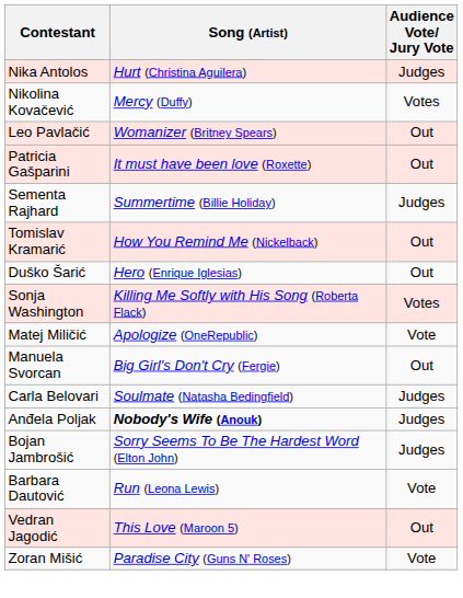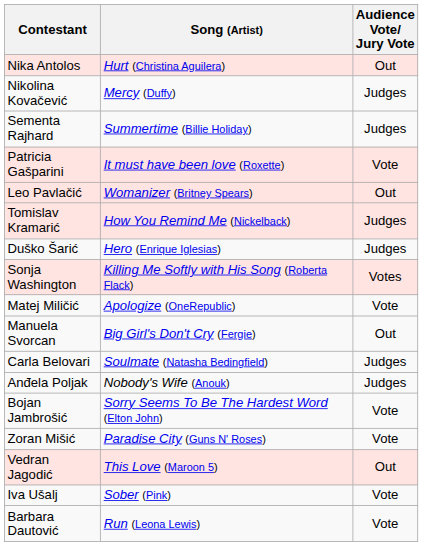 <table class="wikitable">
 <tr>
 <th width="110">Contestant</th>
 <th width="300">Song <small>(Artist)</small></th>
 <th width="28">Audience Vote/<br>Jury Vote</th>
 </tr>
 <tr bgcolor="#FFE4E1">
 <td align="left">Nika Antolos</td>
 <td align="left"><em><a href='#'>Hurt</a></em> <small>(<a href='#'>Christina Aguilera</a>)</small></td>
-<td align="center">Judges</td>
+<td align="center">Out</td>
 </tr>
 <tr>
 <td align="left">Nikolina Kovačević</td>
 <td align="left"><em><a href='#'>Mercy</a></em> <small>(<a href='#'>Duffy</a>)</small></td>
-<td align="center">Votes</td>
+<td align="center">Judges</td>
+</tr>
+<tr>
+<td align="left">Sementa Rajhard</td>
+<td align="left"><em><a href='#'>Summertime</a></em> <small>(<a href='#'>Billie Holiday</a>)</small></td>
+<td align="center">Judges</td>
+</tr>
+<tr bgcolor="#FFE4E1">
+<td align="left">Patricia Gašparini</td>
+<td align="left"><em><a href='#'>It must have been love</a></em> <small>(<a href='#'>Roxette</a>)</small></td>
+<td align="center">Vote</td>
 </tr>
 <tr bgcolor="#FFE4E1">
 <td align="left">Leo Pavlačić</td>
 <td align="left"><em><a href='#'>Womanizer</a></em> <small>(<a href='#'>Britney Spears</a>)</small></td>
 <td align="center">Out</td>
 </tr>
 <tr bgcolor="#FFE4E1">
-<td align="left">Patricia Gašparini</td>
-<td align="left"><em><a href='#'>It must have been love</a></em> <small>(<a href='#'>Roxette</a>)</small></td>
-<td align="center">Out</td>
-</tr>
-<tr>
-<td align="left">Sementa Rajhard</td>
-<td align="left"><em><a href='#'>Summertime</a></em> <small>(<a href='#'>Billie Holiday</a>)</small></td>
-<td align="center">Judges</td>
-</tr>
-<tr bgcolor="#FFE4E1">
 <td align="left">Tomislav Kramarić</td>
 <td align="left"><em><a href='#'>How You Remind Me</a></em> <small>(<a href='#'>Nickelback</a>)</small></td>
-<td align="center">Out</td>
+<td align="center">Judges</td>
 </tr>
 <tr>
 <td align="left">Duško Šarić</td>
 <td align="left"><em><a href='#'>Hero</a></em> <small>(<a href='#'>Enrique Iglesias</a>)</small></td>
-<td align="center">Out</td>
+<td align="center">Judges</td>
 </tr>
 <tr bgcolor="#FFE4E1">
 <td align="left">Sonja Washington</td>
 <td align="left"><em><a href='#'>Killing Me Softly with His Song</a></em> <small>(<a href='#'>Roberta Flack</a>)</small></td>
 <td align="center">Votes</td>
 </tr>
 <tr>
 <td align="left">Matej Miličić</td>
 <td align="left"><em><a href='#'>Apologize</a></em> <small>(<a href='#'>OneRepublic</a>)</small></td>
 <td align="center">Vote</td>
 </tr>
 <tr>
 <td align="left">Manuela Svorcan</td>
 <td align="left"><em><a href='#'>Big Girl's Don't Cry</a></em> <small>(<a href='#'>Fergie</a>)</small></td>
 <td align="center">Out</td>
 </tr>
 <tr>
 <td align="left">Carla Belovari</td>
 <td align="left"><em><a href='#'>Soulmate</a></em> <small>(<a href='#'>Natasha Bedingfield</a>)</small></td>
 <td align="center">Judges</td>
 </tr>
 <tr>
 <td align="left">Anđela Poljak</td>
-<td align="left"><strong><em>Nobody's Wife</em> <small>(<a href='#'>Anouk</a>)</small></strong></td>
+<td align="left"><em>Nobody's Wife</em> <small>(<a href='#'>Anouk</a>)</small></td>
 <td align="center">Judges</td>
 </tr>
 <tr>
 <td align="left">Bojan Jambrošić</td>
 <td align="left"><em><a href='#'>Sorry Seems To Be The Hardest Word</a></em> <small>(<a href='#'>Elton John</a>)</small></td>
-<td align="center">Judges</td>
+<td align="center">Vote</td>
 </tr>
 <tr>
-<td align="left">Barbara Dautović</td>
-<td align="left"><em><a href='#'>Run</a></em> <small>(<a href='#'>Leona Lewis</a>)</small></td>
+<td align="left">Zoran Mišić</td>
+<td align="left"><em><a href='#'>Paradise City</a></em> <small>(<a href='#'>Guns N' Roses</a>)</small></td>
 <td align="center">Vote</td>
 </tr>
 <tr bgcolor="#FFE4E1">
 <td align="left">Vedran Jagodić</td>
 <td align="left"><em><a href='#'>This Love</a></em> <small>(<a href='#'>Maroon 5</a>)</small></td>
 <td align="center">Out</td>
 </tr>
 <tr>
-<td align="left">Zoran Mišić</td>
-<td align="left"><em><a href='#'>Paradise City</a></em> <small>(<a href='#'>Guns N' Roses</a>)</small></td>
+<td align="left">Iva Ušalj</td>
+<td align="left"><em><a href='#'>Sober</a></em> <small>(<a href='#'>Pink</a>)</small></td>
+<td align="center">Vote</td>
+</tr>
+<tr>
+<td align="left">Barbara Dautović</td>
+<td align="left"><em><a href='#'>Run</a></em> <small>(<a href='#'>Leona Lewis</a>)</small></td>
 <td align="center">Vote</td>
 </tr>
 </table>
